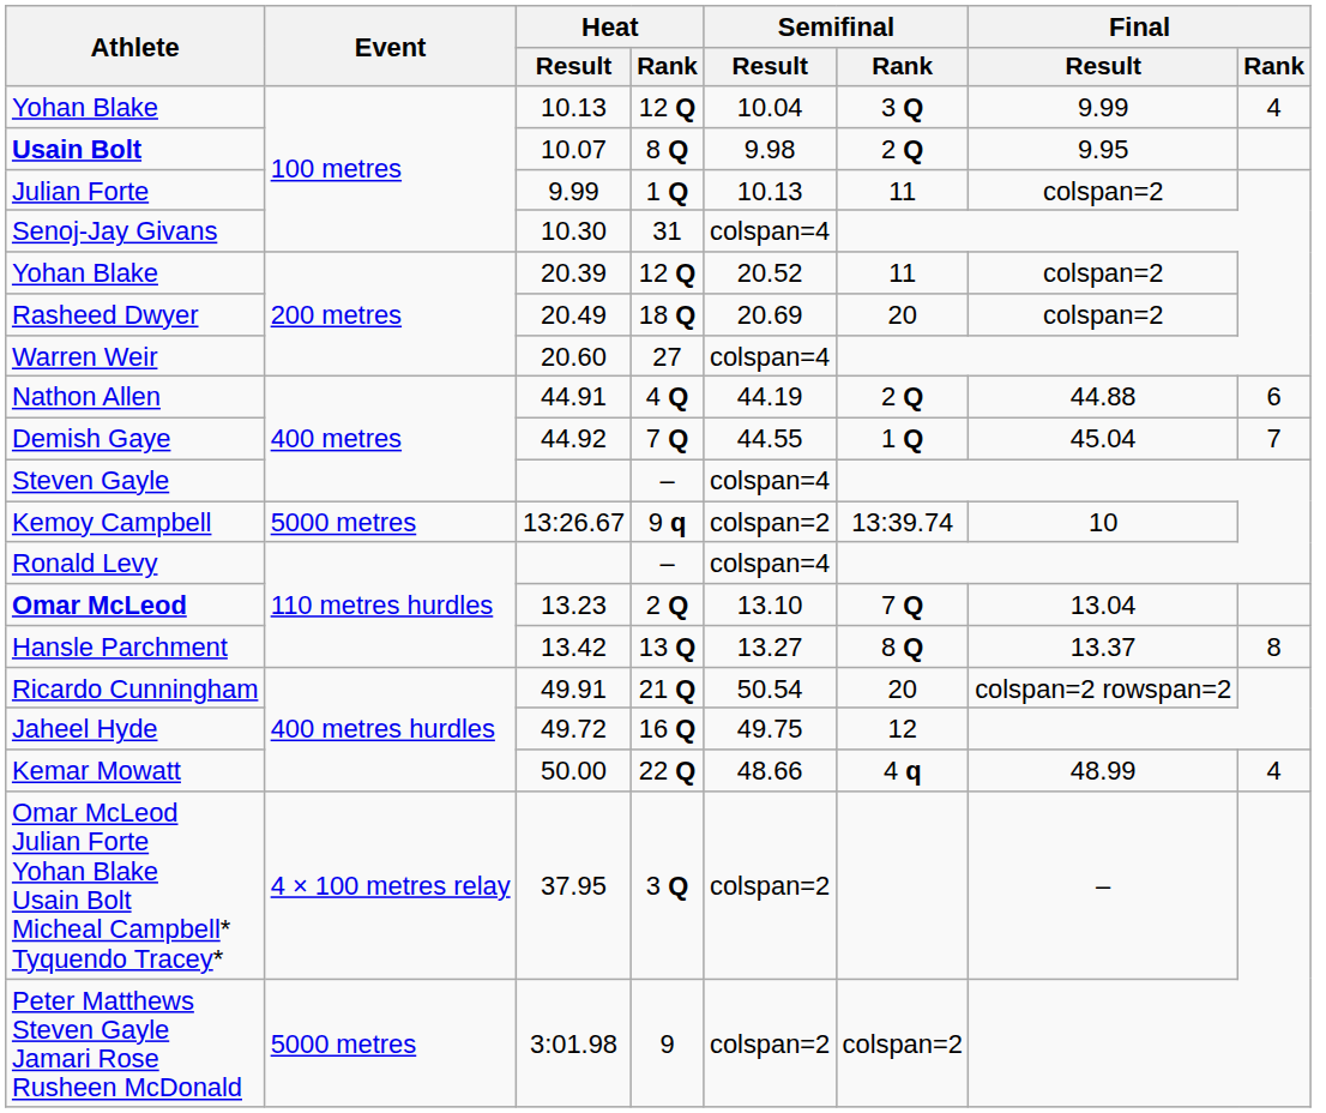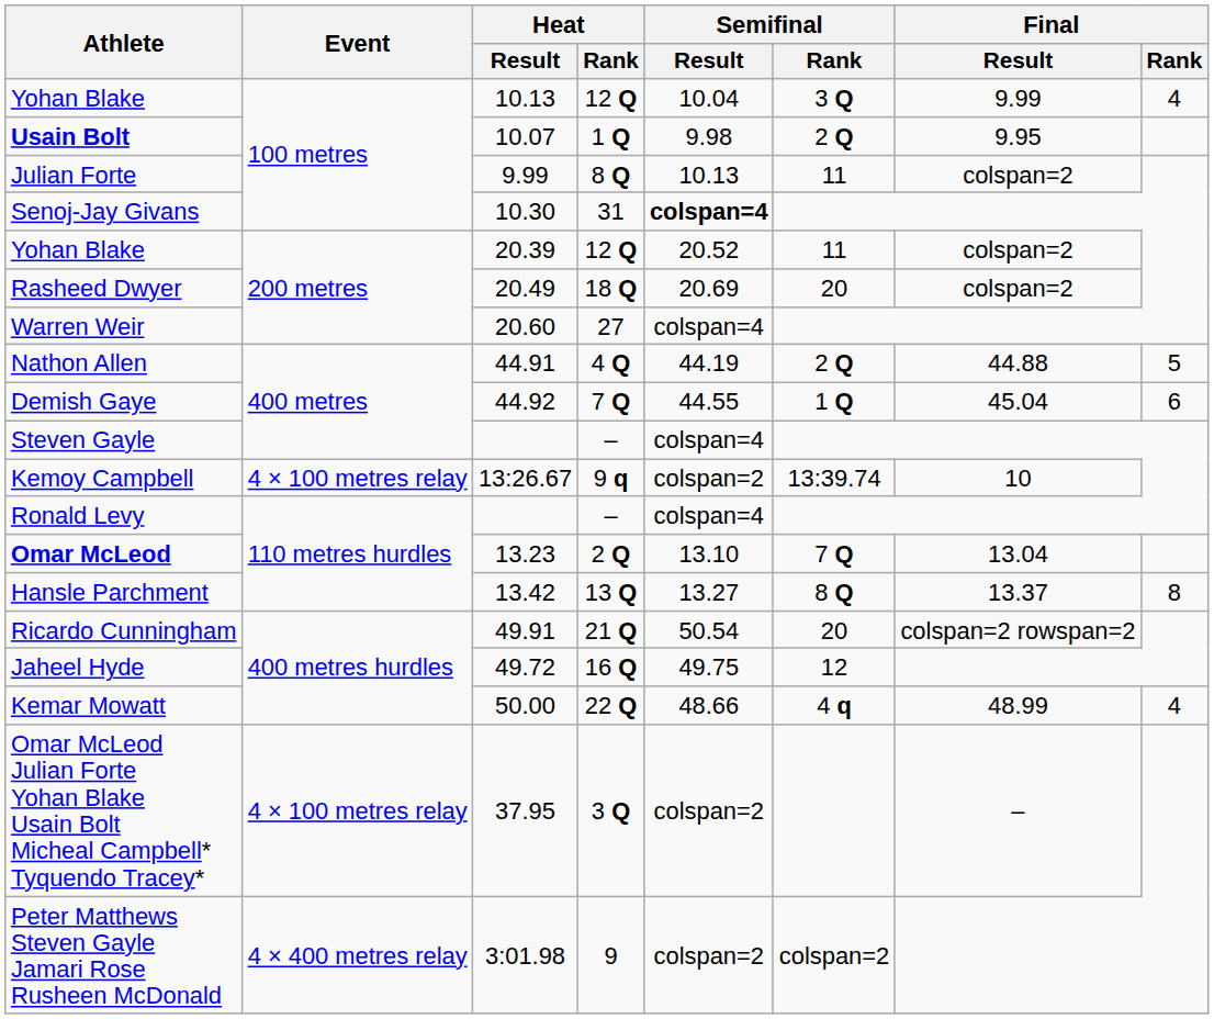 <table class=wikitable style=font-size:90%>
 <tr>
 <th rowspan=2>Athlete</th>
 <th rowspan=2>Event</th>
 <th colspan=2>Heat</th>
 <th colspan=2>Semifinal</th>
 <th colspan=2>Final</th>
 </tr>
 <tr style=font-size:95%>
 <th>Result</th>
 <th>Rank</th>
 <th>Result</th>
 <th>Rank</th>
 <th>Result</th>
 <th>Rank</th>
 </tr>
 <tr align=center>
 <td align=left><a href='#'>Yohan Blake</a></td>
 <td align=left  rowspan=4><a href='#'>100 metres</a></td>
 <td>10.13</td>
 <td>12 <strong>Q</strong></td>
 <td>10.04</td>
 <td>3 <strong>Q</strong></td>
 <td>9.99</td>
 <td>4</td>
 </tr>
 <tr align=center>
 <td align=left><strong><a href='#'>Usain Bolt</a></strong></td>
 <td>10.07</td>
-<td>8 <strong>Q</strong></td>
+<td>1 <strong>Q</strong></td>
 <td>9.98</td>
 <td>2 <strong>Q</strong></td>
 <td>9.95 <strong></strong></td>
 <td></td>
 </tr>
 <tr align=center>
 <td align=left><a href='#'>Julian Forte</a></td>
 <td>9.99 <strong></strong></td>
-<td>1 <strong>Q</strong></td>
+<td>8 <strong>Q</strong></td>
 <td>10.13</td>
 <td>11</td>
 <td>colspan=2 </td>
 </tr>
 <tr align=center>
 <td align=left><a href='#'>Senoj-Jay Givans</a></td>
 <td>10.30</td>
 <td>31</td>
-<td>colspan=4 </td>
+<td><strong>colspan=4 </strong></td>
 </tr>
 <tr align=center>
 <td align=left><a href='#'>Yohan Blake</a></td>
 <td align=left  rowspan=3><a href='#'>200 metres</a></td>
 <td>20.39</td>
 <td>12 <strong>Q</strong></td>
 <td>20.52</td>
 <td>11</td>
 <td>colspan=2 </td>
 </tr>
 <tr align=center>
 <td align=left><a href='#'>Rasheed Dwyer</a></td>
 <td>20.49</td>
 <td>18 <strong>Q</strong></td>
 <td>20.69</td>
 <td>20</td>
 <td>colspan=2 </td>
 </tr>
 <tr align=center>
 <td align=left><a href='#'>Warren Weir</a></td>
 <td>20.60</td>
 <td>27</td>
 <td>colspan=4 </td>
 </tr>
 <tr align=center>
 <td align=left><a href='#'>Nathon Allen</a></td>
 <td align=left  rowspan=3><a href='#'>400 metres</a></td>
 <td>44.91</td>
 <td>4 <strong>Q</strong></td>
 <td>44.19 <strong></strong></td>
 <td>2 <strong>Q</strong></td>
 <td>44.88</td>
-<td>6</td>
+<td>5</td>
 </tr>
 <tr align=center>
 <td align=left><a href='#'>Demish Gaye</a></td>
 <td>44.92</td>
 <td>7 <strong>Q</strong></td>
 <td>44.55 <strong></strong></td>
 <td>1 <strong>Q</strong></td>
 <td>45.04</td>
-<td>7</td>
+<td>6</td>
 </tr>
 <tr align=center>
 <td align=left><a href='#'>Steven Gayle</a></td>
 <td></td>
 <td>–</td>
 <td>colspan=4 </td>
 </tr>
 <tr align=center>
 <td align=left><a href='#'>Kemoy Campbell</a></td>
-<td align=left><a href='#'>5000 metres</a></td>
+<td align=left><a href='#'>4 × 100 metres relay</a></td>
 <td>13:26.67</td>
 <td>9 <strong>q</strong></td>
 <td>colspan=2 </td>
 <td>13:39.74</td>
 <td>10</td>
 </tr>
 <tr align=center>
 <td align=left><a href='#'>Ronald Levy</a></td>
 <td align=left  rowspan=3><a href='#'>110 metres hurdles</a></td>
 <td></td>
 <td>–</td>
 <td>colspan=4 </td>
 </tr>
 <tr align=center>
 <td align=left><strong><a href='#'>Omar McLeod</a></strong></td>
 <td>13.23</td>
 <td>2 <strong>Q</strong></td>
 <td>13.10</td>
 <td>7 <strong>Q</strong></td>
 <td>13.04</td>
 <td></td>
 </tr>
 <tr align=center>
 <td align=left><a href='#'>Hansle Parchment</a></td>
 <td>13.42</td>
 <td>13 <strong>Q</strong></td>
 <td>13.27</td>
 <td>8 <strong>Q</strong></td>
 <td>13.37</td>
 <td>8</td>
 </tr>
 <tr align=center>
 <td align=left><a href='#'>Ricardo Cunningham</a></td>
 <td align=left rowspan=3><a href='#'>400 metres hurdles</a></td>
 <td>49.91</td>
 <td>21 <strong>Q</strong></td>
 <td>50.54</td>
 <td>20</td>
 <td>colspan=2 rowspan=2 </td>
 </tr>
 <tr align=center>
 <td align=left><a href='#'>Jaheel Hyde</a></td>
 <td>49.72</td>
 <td>16 <strong>Q</strong></td>
 <td>49.75</td>
 <td>12</td>
 </tr>
 <tr align=center>
 <td align=left><a href='#'>Kemar Mowatt</a></td>
 <td>50.00</td>
 <td>22 <strong>Q</strong></td>
 <td>48.66</td>
 <td>4 <strong>q</strong></td>
 <td>48.99</td>
 <td>4</td>
 </tr>
 <tr align=center>
 <td align=left><a href='#'>Omar McLeod</a><br><a href='#'>Julian Forte</a><br><a href='#'>Yohan Blake</a><br><a href='#'>Usain Bolt</a><br><a href='#'>Micheal Campbell</a>*<br><a href='#'>Tyquendo Tracey</a>*</td>
 <td align=left><a href='#'>4 × 100 metres relay</a></td>
 <td>37.95 <strong></strong></td>
 <td>3 <strong>Q</strong></td>
 <td>colspan=2 </td>
 <td></td>
 <td>–</td>
 </tr>
 <tr align=center>
 <td align=left><a href='#'>Peter Matthews</a><br><a href='#'>Steven Gayle</a><br><a href='#'>Jamari Rose</a><br><a href='#'>Rusheen McDonald</a></td>
-<td align=left><a href='#'>5000 metres</a></td>
+<td align=left><a href='#'>4 × 400 metres relay</a></td>
 <td>3:01.98 <strong></strong></td>
 <td>9</td>
 <td>colspan=2 </td>
 <td>colspan=2 </td>
 </tr>
 </table>
